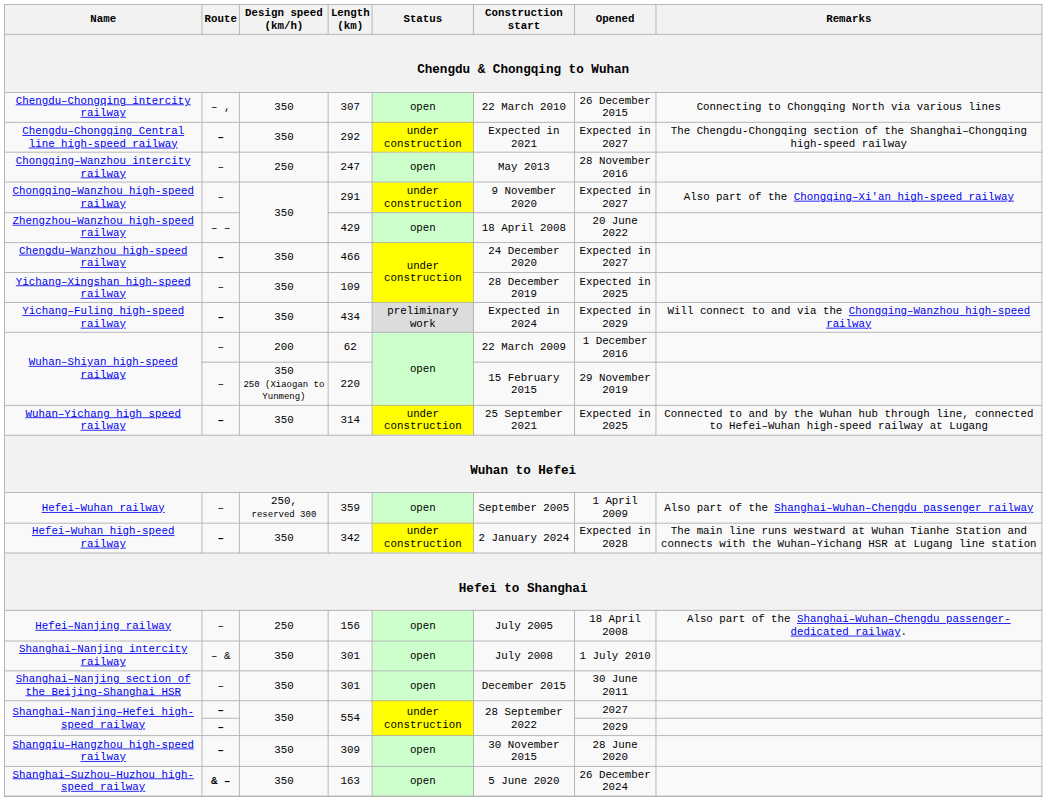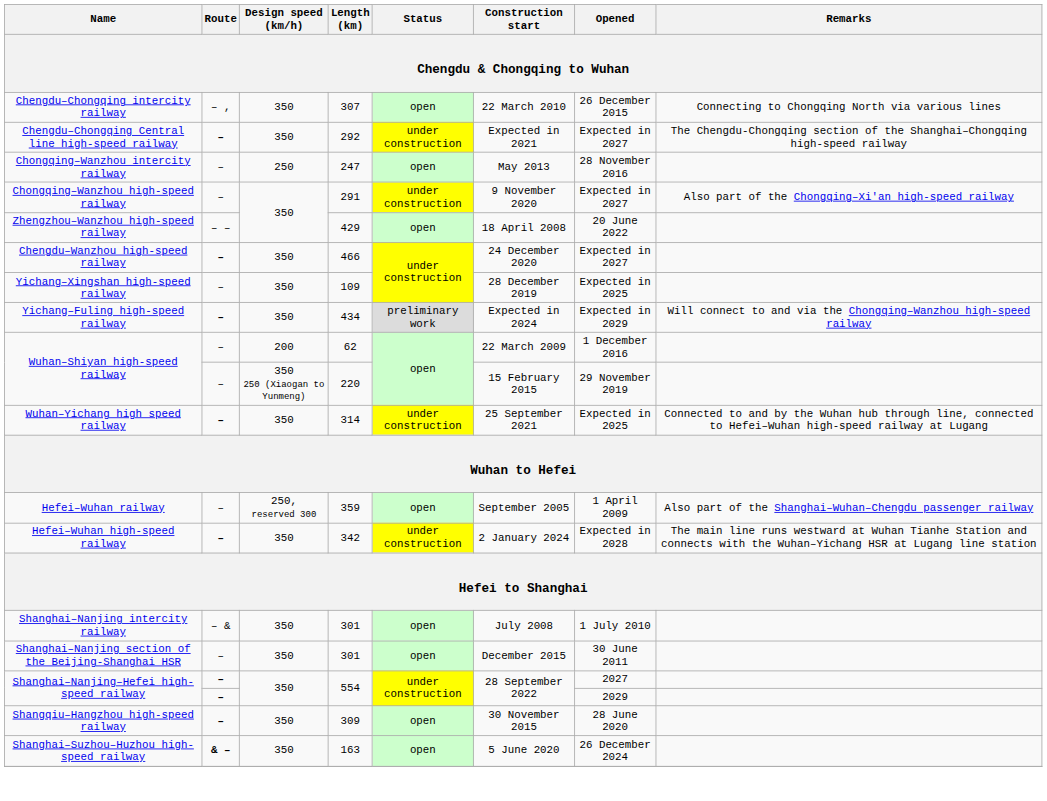 <table class="wikitable" style="text-align: center;">
 <tr>
 <th><strong>Name</strong></th>
 <th><strong>Route</strong></th>
 <th><strong>Design speed<br>(km/h)</strong></th>
 <th><strong>Length<br>(km)</strong></th>
 <th><strong>Status</strong></th>
 <th><strong>Construction start</strong></th>
 <th><strong>Opened</strong></th>
 <th><strong>Remarks</strong></th>
 </tr>
 <tr>
 <th colspan=8 align= center><br><h3>Chengdu & Chongqing to Wuhan</h3></th>
 </tr>
 <tr>
 <td><a href='#'>Chengdu–Chongqing intercity railway</a></td>
 <td> – , </td>
 <td>350</td>
 <td>307</td>
 <td style="background:#CCFFCC">open</td>
 <td>22 March 2010</td>
 <td>26 December 2015</td>
 <td>Connecting to Chongqing North via various lines</td>
 </tr>
 <tr>
 <td><a href='#'>Chengdu–Chongqing Central line high-speed railway</a></td>
 <td><strong> – </strong></td>
 <td>350</td>
 <td>292</td>
 <td style="background:#FFFF00">under construction</td>
 <td>Expected in 2021</td>
 <td>Expected in 2027</td>
 <td>The Chengdu-Chongqing section of the Shanghai–Chongqing high-speed railway</td>
 </tr>
 <tr>
 <td><a href='#'>Chongqing–Wanzhou intercity railway</a></td>
 <td> – </td>
 <td>250</td>
 <td>247</td>
 <td style="background:#CCFFCC">open</td>
 <td>May 2013</td>
 <td>28 November 2016</td>
 <td></td>
 </tr>
 <tr>
 <td><a href='#'>Chongqing–Wanzhou high-speed railway</a></td>
 <td> – </td>
 <td rowspan="2">350</td>
 <td>291</td>
 <td style="background:#FFFF00">under construction</td>
 <td>9 November 2020</td>
 <td>Expected in 2027</td>
 <td>Also part of the <a href='#'>Chongqing–Xi'an high-speed railway</a></td>
 </tr>
 <tr>
 <td><a href='#'>Zhengzhou–Wanzhou high-speed railway</a></td>
 <td> –  – </td>
 <td>429</td>
 <td style="background:#CCFFCC">open</td>
 <td>18 April 2008</td>
 <td>20 June 2022</td>
 <td></td>
 </tr>
 <tr>
 <td><a href='#'>Chengdu–Wanzhou high-speed railway</a></td>
 <td><strong> – </strong></td>
 <td>350</td>
 <td>466</td>
 <td style="background:#FFFF00" rowspan="2">under construction</td>
 <td>24 December 2020</td>
 <td>Expected in 2027</td>
 <td></td>
 </tr>
 <tr>
 <td><a href='#'>Yichang–Xingshan high-speed railway</a></td>
 <td> – </td>
 <td>350</td>
 <td>109</td>
 <td>28 December 2019</td>
 <td>Expected in 2025</td>
 <td></td>
 </tr>
 <tr>
 <td><a href='#'>Yichang–Fuling high-speed railway</a></td>
 <td><strong> – </strong></td>
 <td>350</td>
 <td>434</td>
 <td style="background:#DCDCDC">preliminary work</td>
 <td>Expected in 2024</td>
 <td>Expected in 2029</td>
 <td>Will connect to  and  via the <a href='#'>Chongqing–Wanzhou high-speed railway</a></td>
 </tr>
 <tr>
 <td rowspan="2"><a href='#'>Wuhan–Shiyan high-speed railway</a></td>
 <td> – </td>
 <td>200</td>
 <td>62</td>
 <td style="background:#CCFFCC" rowspan="2">open</td>
 <td>22 March 2009</td>
 <td>1 December 2016</td>
 <td></td>
 </tr>
 <tr>
 <td> – </td>
 <td>350<br><small>250 (Xiaogan to Yunmeng)</small></td>
 <td>220</td>
 <td>15 February 2015</td>
 <td>29 November 2019</td>
 <td></td>
 </tr>
 <tr>
 <td><a href='#'>Wuhan–Yichang high speed railway</a></td>
 <td><strong> – </strong></td>
 <td>350</td>
 <td>314</td>
 <td style="background:#FFFF00">under construction</td>
 <td>25 September 2021</td>
 <td>Expected in 2025</td>
 <td>Connected to  and  by the Wuhan hub through line, connected to Hefei–Wuhan high-speed railway at Lugang</td>
 </tr>
 <tr>
 <th colspan=8 align= center><br><h3>Wuhan to Hefei</h3></th>
 </tr>
 <tr>
 <td><a href='#'>Hefei–Wuhan railway</a></td>
 <td> – </td>
 <td>250,<br><small>reserved 300</small></td>
 <td>359</td>
 <td style="background:#CCFFCC">open</td>
 <td>September 2005</td>
 <td>1 April 2009</td>
 <td>Also part of the <a href='#'>Shanghai–Wuhan–Chengdu passenger railway</a></td>
 </tr>
 <tr>
 <td><a href='#'>Hefei–Wuhan high-speed railway</a></td>
 <td><strong> – </strong></td>
 <td>350</td>
 <td>342</td>
 <td style="background:#FFFF00">under construction</td>
 <td>2 January 2024</td>
 <td>Expected in 2028</td>
 <td>The main line runs westward at Wuhan Tianhe Station and connects with the Wuhan–Yichang HSR at Lugang line station</td>
 </tr>
 <tr>
 <th colspan=8 align= center><br><h3>Hefei to Shanghai</h3></th>
 </tr>
 <tr>
-<td><a href='#'>Hefei–Nanjing railway</a></td>
-<td> – </td>
-<td>250</td>
-<td>156</td>
-<td style="background:#CCFFCC">open</td>
-<td>July 2005</td>
-<td>18 April 2008</td>
-<td>Also part of the <a href='#'>Shanghai–Wuhan–Chengdu passenger-dedicated railway</a>.</td>
-</tr>
-<tr>
 <td><a href='#'>Shanghai–Nanjing intercity railway</a></td>
 <td> –  & </td>
 <td>350</td>
 <td>301</td>
 <td style="background:#CCFFCC">open</td>
 <td>July 2008</td>
 <td>1 July 2010</td>
 <td></td>
 </tr>
 <tr>
 <td><a href='#'>Shanghai–Nanjing section of the Beijing-Shanghai HSR</a></td>
 <td> – </td>
 <td>350</td>
 <td>301</td>
 <td style="background:#CCFFCC">open</td>
 <td>December 2015</td>
 <td>30 June 2011</td>
 <td></td>
 </tr>
 <tr>
 <td rowspan=2><a href='#'>Shanghai–Nanjing–Hefei high-speed railway</a></td>
 <td><strong> – </strong></td>
 <td rowspan=2>350</td>
 <td rowspan=2>554</td>
 <td rowspan=2 style="background:#FFFF00">under construction</td>
 <td rowspan=2>28 September 2022</td>
 <td>2027</td>
 <td></td>
 </tr>
 <tr>
 <td><strong> – </strong></td>
 <td>2029</td>
 <td></td>
 </tr>
 <tr>
 <td><a href='#'>Shangqiu–Hangzhou high-speed railway</a></td>
 <td><strong> – </strong></td>
 <td>350</td>
 <td>309</td>
 <td style="background:#CCFFCC">open</td>
 <td>30 November 2015</td>
 <td>28 June 2020</td>
 <td></td>
 </tr>
 <tr>
 <td><a href='#'>Shanghai–Suzhou–Huzhou high-speed railway</a></td>
 <td><strong> &  – </strong></td>
 <td>350</td>
 <td>163</td>
 <td style="background:#CCFFCC">open</td>
 <td>5 June 2020</td>
 <td>26 December 2024</td>
 <td></td>
 </tr>
 <tr>
 </tr>
 </table>
